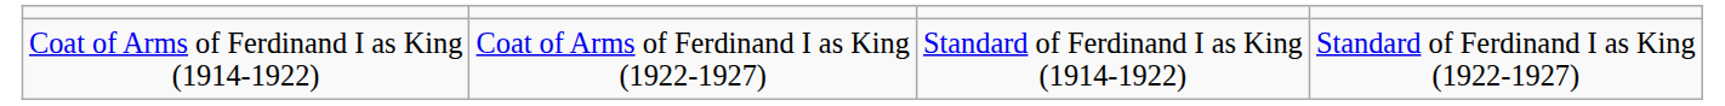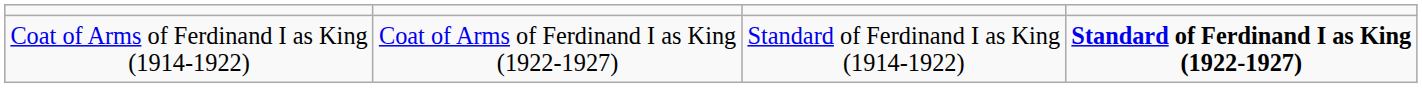 <table class="wikitable" style="margin:1em auto; text-align:center;">
 <tr>
 <td></td>
 <td></td>
 <td></td>
 <td></td>
 </tr>
 <tr>
 <td><a href='#'>Coat of Arms</a> of Ferdinand I as King <br>(1914-1922)</td>
 <td><a href='#'>Coat of Arms</a> of Ferdinand I as King <br>(1922-1927)</td>
 <td><a href='#'>Standard</a> of Ferdinand I as King <br>(1914-1922)</td>
-<td><a href='#'>Standard</a> of Ferdinand I as King <br>(1922-1927)</td>
+<td><strong><a href='#'>Standard</a> of Ferdinand I as King <br>(1922-1927)</strong></td>
 </tr>
 </table>
